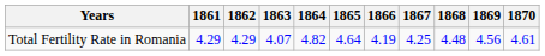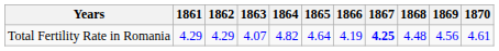 <table class="wikitable " style="text-align:right">
 <tr>
 <th>Years</th>
 <th>1861</th>
 <th>1862</th>
 <th>1863</th>
 <th>1864</th>
 <th>1865</th>
 <th>1866</th>
 <th>1867</th>
 <th>1868</th>
 <th>1869</th>
 <th>1870</th>
 </tr>
 <tr>
 <td align="left">Total Fertility Rate in Romania</td>
 <td style="text-align:right; color:blue;">4.29</td>
 <td style="text-align:right; color:blue;">4.29</td>
 <td style="text-align:right; color:blue;">4.07</td>
 <td style="text-align:right; color:blue;">4.82</td>
 <td style="text-align:right; color:blue;">4.64</td>
 <td style="text-align:right; color:blue;">4.19</td>
-<td style="text-align:right; color:blue;">4.25</td>
+<td style="text-align:right; color:blue;"><strong>4.25</strong></td>
 <td style="text-align:right; color:blue;">4.48</td>
 <td style="text-align:right; color:blue;">4.56</td>
 <td style="text-align:right; color:blue;">4.61</td>
 </tr>
 </table>
